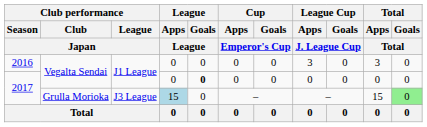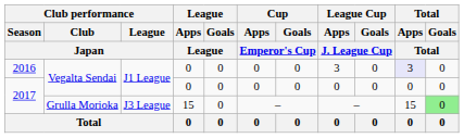 <table class="wikitable" style="text-align:center;">
 <tr>
 <th colspan=3>Club performance</th>
 <th colspan=2>League</th>
 <th colspan=2>Cup</th>
 <th colspan=2>League Cup</th>
 <th colspan=2>Total</th>
 </tr>
 <tr>
 <th>Season</th>
 <th>Club</th>
 <th>League</th>
 <th>Apps</th>
 <th>Goals</th>
 <th>Apps</th>
 <th>Goals</th>
 <th>Apps</th>
 <th>Goals</th>
 <th>Apps</th>
 <th>Goals</th>
 </tr>
 <tr>
 <th colspan=3>Japan</th>
 <th colspan=2>League</th>
 <th colspan=2><a href='#'>Emperor's Cup</a></th>
 <th colspan=2><a href='#'>J. League Cup</a></th>
 <th colspan=2>Total</th>
 </tr>
 <tr>
 <td><a href='#'>2016</a></td>
 <td rowspan="2"><a href='#'>Vegalta Sendai</a></td>
 <td rowspan="2"><a href='#'>J1 League</a></td>
 <td>0</td>
 <td>0</td>
 <td>0</td>
 <td>0</td>
 <td>3</td>
 <td>0</td>
-<td>3</td>
+<td style="background: lavender;">3</td>
 <td>0</td>
 </tr>
 <tr>
 <td rowspan="2"><a href='#'>2017</a></td>
 <td>0</td>
-<td><strong>0</strong></td>
+<td>0</td>
 <td>0</td>
 <td>0</td>
 <td>0</td>
 <td>0</td>
 <td>0</td>
 <td>0</td>
 </tr>
 <tr>
 <td><a href='#'>Grulla Morioka</a></td>
 <td rowspan="1"><a href='#'>J3 League</a></td>
-<td style="background: lightblue;">15</td>
+<td>15</td>
 <td>0</td>
 <td colspan="2">–</td>
 <td colspan="2">–</td>
 <td>15</td>
 <td style="background: lightgreen;">0</td>
 </tr>
 <tr>
 <th colspan=3>Total</th>
 <th>0</th>
 <th>0</th>
 <th>0</th>
 <th>0</th>
 <th>0</th>
 <th>0</th>
 <th>0</th>
 <th>0</th>
 </tr>
 </table>
